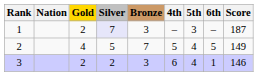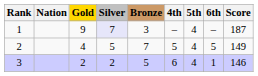 <table class="wikitable sortable" style="text-align:center">
 <tr>
 <th>Rank</th>
 <th>Nation</th>
 <td bgcolor="gold"><strong>Gold</strong></td>
 <td bgcolor="silver"><strong>Silver</strong></td>
 <td bgcolor=cc9966><strong>Bronze</strong></td>
 <th>4th</th>
 <th>5th</th>
 <th>6th</th>
 <th>Score</th>
 </tr>
 <tr>
 <td>1</td>
 <td align=left></td>
-<td>2</td>
+<td>9</td>
 <td style="background: lavender;">7</td>
 <td>3</td>
 <td>–</td>
-<td>3</td>
+<td>4</td>
 <td>–</td>
 <td>187</td>
 </tr>
 <tr>
 <td>2</td>
 <td align=left></td>
 <td>4</td>
 <td>5</td>
 <td>7</td>
 <td>5</td>
 <td>4</td>
 <td>5</td>
 <td>149</td>
 </tr>
 <tr style="background-color:#ccccff">
 <td>3</td>
 <td align=left></td>
 <td>2</td>
 <td>2</td>
-<td>3</td>
+<td>5</td>
 <td>6</td>
 <td>4</td>
 <td>1</td>
 <td>146</td>
 </tr>
 </table>
